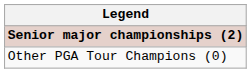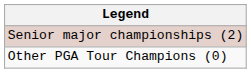 <table class="wikitable" style="font-size:95%;">
 <tr>
 <th>Legend</th>
 </tr>
 <tr style="background:#e5d1cb;">
-<td><strong>Senior major championships (2)</strong></td>
+<td>Senior major championships (2)</td>
 </tr>
 <tr>
 <td>Other PGA Tour Champions (0)</td>
 </tr>
 </table>
